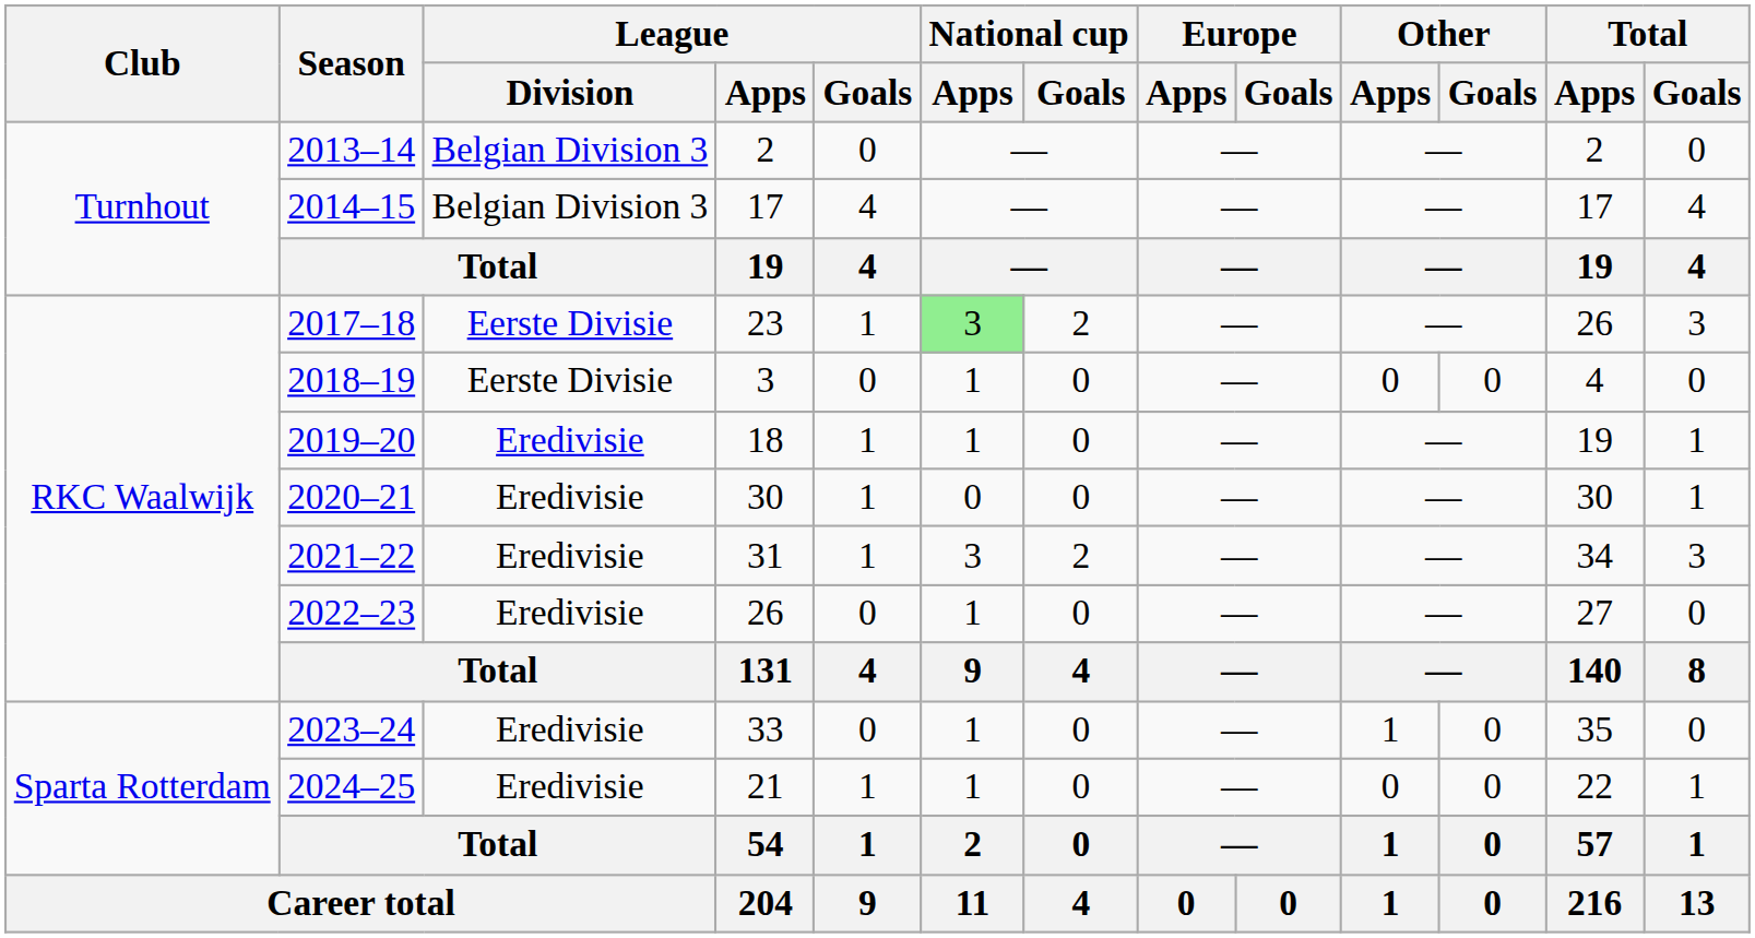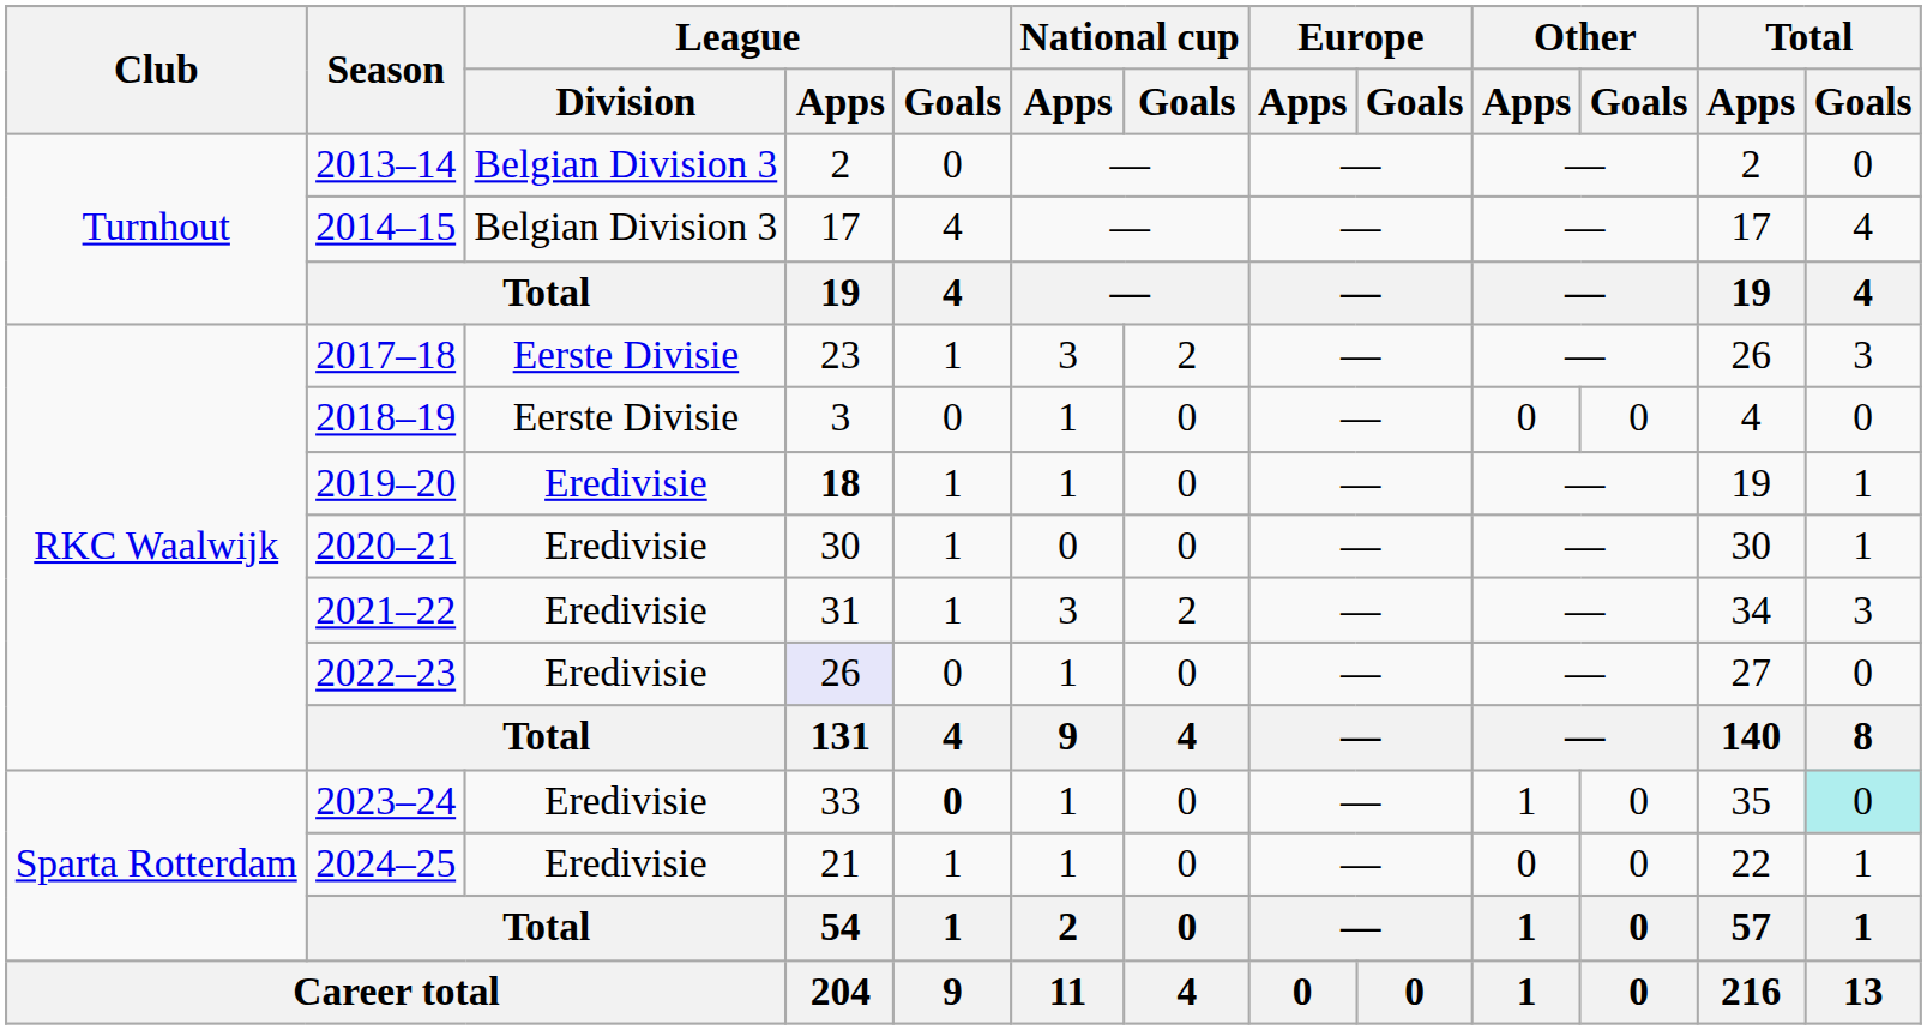 <table class="wikitable" style="text-align: center">
 <tr>
 <th rowspan="2">Club</th>
 <th rowspan="2">Season</th>
 <th colspan="3">League</th>
 <th colspan="2">National cup</th>
 <th colspan="2">Europe</th>
 <th colspan="2">Other</th>
 <th colspan="2">Total</th>
 </tr>
 <tr>
 <th>Division</th>
 <th>Apps</th>
 <th>Goals</th>
 <th>Apps</th>
 <th>Goals</th>
 <th>Apps</th>
 <th>Goals</th>
 <th>Apps</th>
 <th>Goals</th>
 <th>Apps</th>
 <th>Goals</th>
 </tr>
 <tr>
 <td rowspan="3"><a href='#'>Turnhout</a></td>
 <td><a href='#'>2013–14</a></td>
 <td><a href='#'>Belgian Division 3</a></td>
 <td>2</td>
 <td>0</td>
 <td colspan="2">—</td>
 <td colspan="2">—</td>
 <td colspan="2">—</td>
 <td>2</td>
 <td>0</td>
 </tr>
 <tr>
 <td><a href='#'>2014–15</a></td>
 <td>Belgian Division 3</td>
 <td>17</td>
 <td>4</td>
 <td colspan="2">—</td>
 <td colspan="2">—</td>
 <td colspan="2">—</td>
 <td>17</td>
 <td>4</td>
 </tr>
 <tr>
 <th colspan="2">Total</th>
 <th>19</th>
 <th>4</th>
 <th colspan="2">—</th>
 <th colspan="2">—</th>
 <th colspan="2">—</th>
 <th>19</th>
 <th>4</th>
 </tr>
 <tr>
 <td rowspan="7"><a href='#'>RKC Waalwijk</a></td>
 <td><a href='#'>2017–18</a></td>
 <td><a href='#'>Eerste Divisie</a></td>
 <td>23</td>
 <td>1</td>
-<td style="background: lightgreen;">3</td>
+<td>3</td>
 <td>2</td>
 <td colspan="2">—</td>
 <td colspan="2">—</td>
 <td>26</td>
 <td>3</td>
 </tr>
 <tr>
 <td><a href='#'>2018–19</a></td>
 <td>Eerste Divisie</td>
 <td>3</td>
 <td>0</td>
 <td>1</td>
 <td>0</td>
 <td colspan="2">—</td>
 <td>0</td>
 <td>0</td>
 <td>4</td>
 <td>0</td>
 </tr>
 <tr>
 <td><a href='#'>2019–20</a></td>
 <td><a href='#'>Eredivisie</a></td>
-<td>18</td>
+<td><strong>18</strong></td>
 <td>1</td>
 <td>1</td>
 <td>0</td>
 <td colspan="2">—</td>
 <td colspan="2">—</td>
 <td>19</td>
 <td>1</td>
 </tr>
 <tr>
 <td><a href='#'>2020–21</a></td>
 <td>Eredivisie</td>
 <td>30</td>
 <td>1</td>
 <td>0</td>
 <td>0</td>
 <td colspan="2">—</td>
 <td colspan="2">—</td>
 <td>30</td>
 <td>1</td>
 </tr>
 <tr>
 <td><a href='#'>2021–22</a></td>
 <td>Eredivisie</td>
 <td>31</td>
 <td>1</td>
 <td>3</td>
 <td>2</td>
 <td colspan="2">—</td>
 <td colspan="2">—</td>
 <td>34</td>
 <td>3</td>
 </tr>
 <tr>
 <td><a href='#'>2022–23</a></td>
 <td>Eredivisie</td>
-<td>26</td>
+<td style="background: lavender;">26</td>
 <td>0</td>
 <td>1</td>
 <td>0</td>
 <td colspan="2">—</td>
 <td colspan="2">—</td>
 <td>27</td>
 <td>0</td>
 </tr>
 <tr>
 <th colspan="2">Total</th>
 <th>131</th>
 <th>4</th>
 <th>9</th>
 <th>4</th>
 <th colspan="2">—</th>
 <th colspan="2">—</th>
 <th>140</th>
 <th>8</th>
 </tr>
 <tr>
 <td rowspan="3"><a href='#'>Sparta Rotterdam</a></td>
 <td><a href='#'>2023–24</a></td>
 <td>Eredivisie</td>
 <td>33</td>
-<td>0</td>
+<td><strong>0</strong></td>
 <td>1</td>
 <td>0</td>
 <td colspan="2">—</td>
 <td>1</td>
 <td>0</td>
 <td>35</td>
-<td>0</td>
+<td style="background: paleturquoise;">0</td>
 </tr>
 <tr>
 <td><a href='#'>2024–25</a></td>
 <td>Eredivisie</td>
 <td>21</td>
 <td>1</td>
 <td>1</td>
 <td>0</td>
 <td colspan="2">—</td>
 <td>0</td>
 <td>0</td>
 <td>22</td>
 <td>1</td>
 </tr>
 <tr>
 <th colspan="2">Total</th>
 <th>54</th>
 <th>1</th>
 <th>2</th>
 <th>0</th>
 <th colspan="2">—</th>
 <th>1</th>
 <th>0</th>
 <th>57</th>
 <th>1</th>
 </tr>
 <tr>
 <th colspan="3">Career total</th>
 <th>204</th>
 <th>9</th>
 <th>11</th>
 <th>4</th>
 <th>0</th>
 <th>0</th>
 <th>1</th>
 <th>0</th>
 <th>216</th>
 <th>13</th>
 </tr>
 </table>
